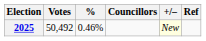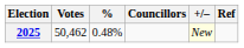 <table class="sortable wikitable">
 <tr>
 <th style="background-color:">Election</th>
 <th style="background-color:">Votes</th>
 <th style="background-color:">%</th>
 <th style="background-color:">Councillors</th>
 <th style="background-color:">+/–</th>
 <th style="background-color:">Ref</th>
 </tr>
 <tr>
 <th><a href='#'>2025</a></th>
-<td align="center">50,492</td>
-<td align="center">0.46%</td>
+<td align="center">50,462</td>
+<td align="center">0.48%</td>
 <td></td>
 <td style="background: lightyellow;"><em>New</em></td>
 <td></td>
 </tr>
 </table>
